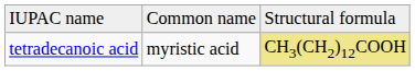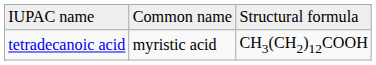 <table class="wikitable">
 <tr bgcolor="#efefef">
 <td>IUPAC name</td>
 <td>Common name</td>
 <td>Structural formula</td>
 </tr>
 <tr>
 <td><a href='#'>tetradecanoic acid</a></td>
 <td>myristic acid</td>
-<td style="background: khaki;">CH<sub>3</sub>(CH<sub>2</sub>)<sub>12</sub>COOH</td>
+<td>CH<sub>3</sub>(CH<sub>2</sub>)<sub>12</sub>COOH</td>
 </tr>
 </table>
